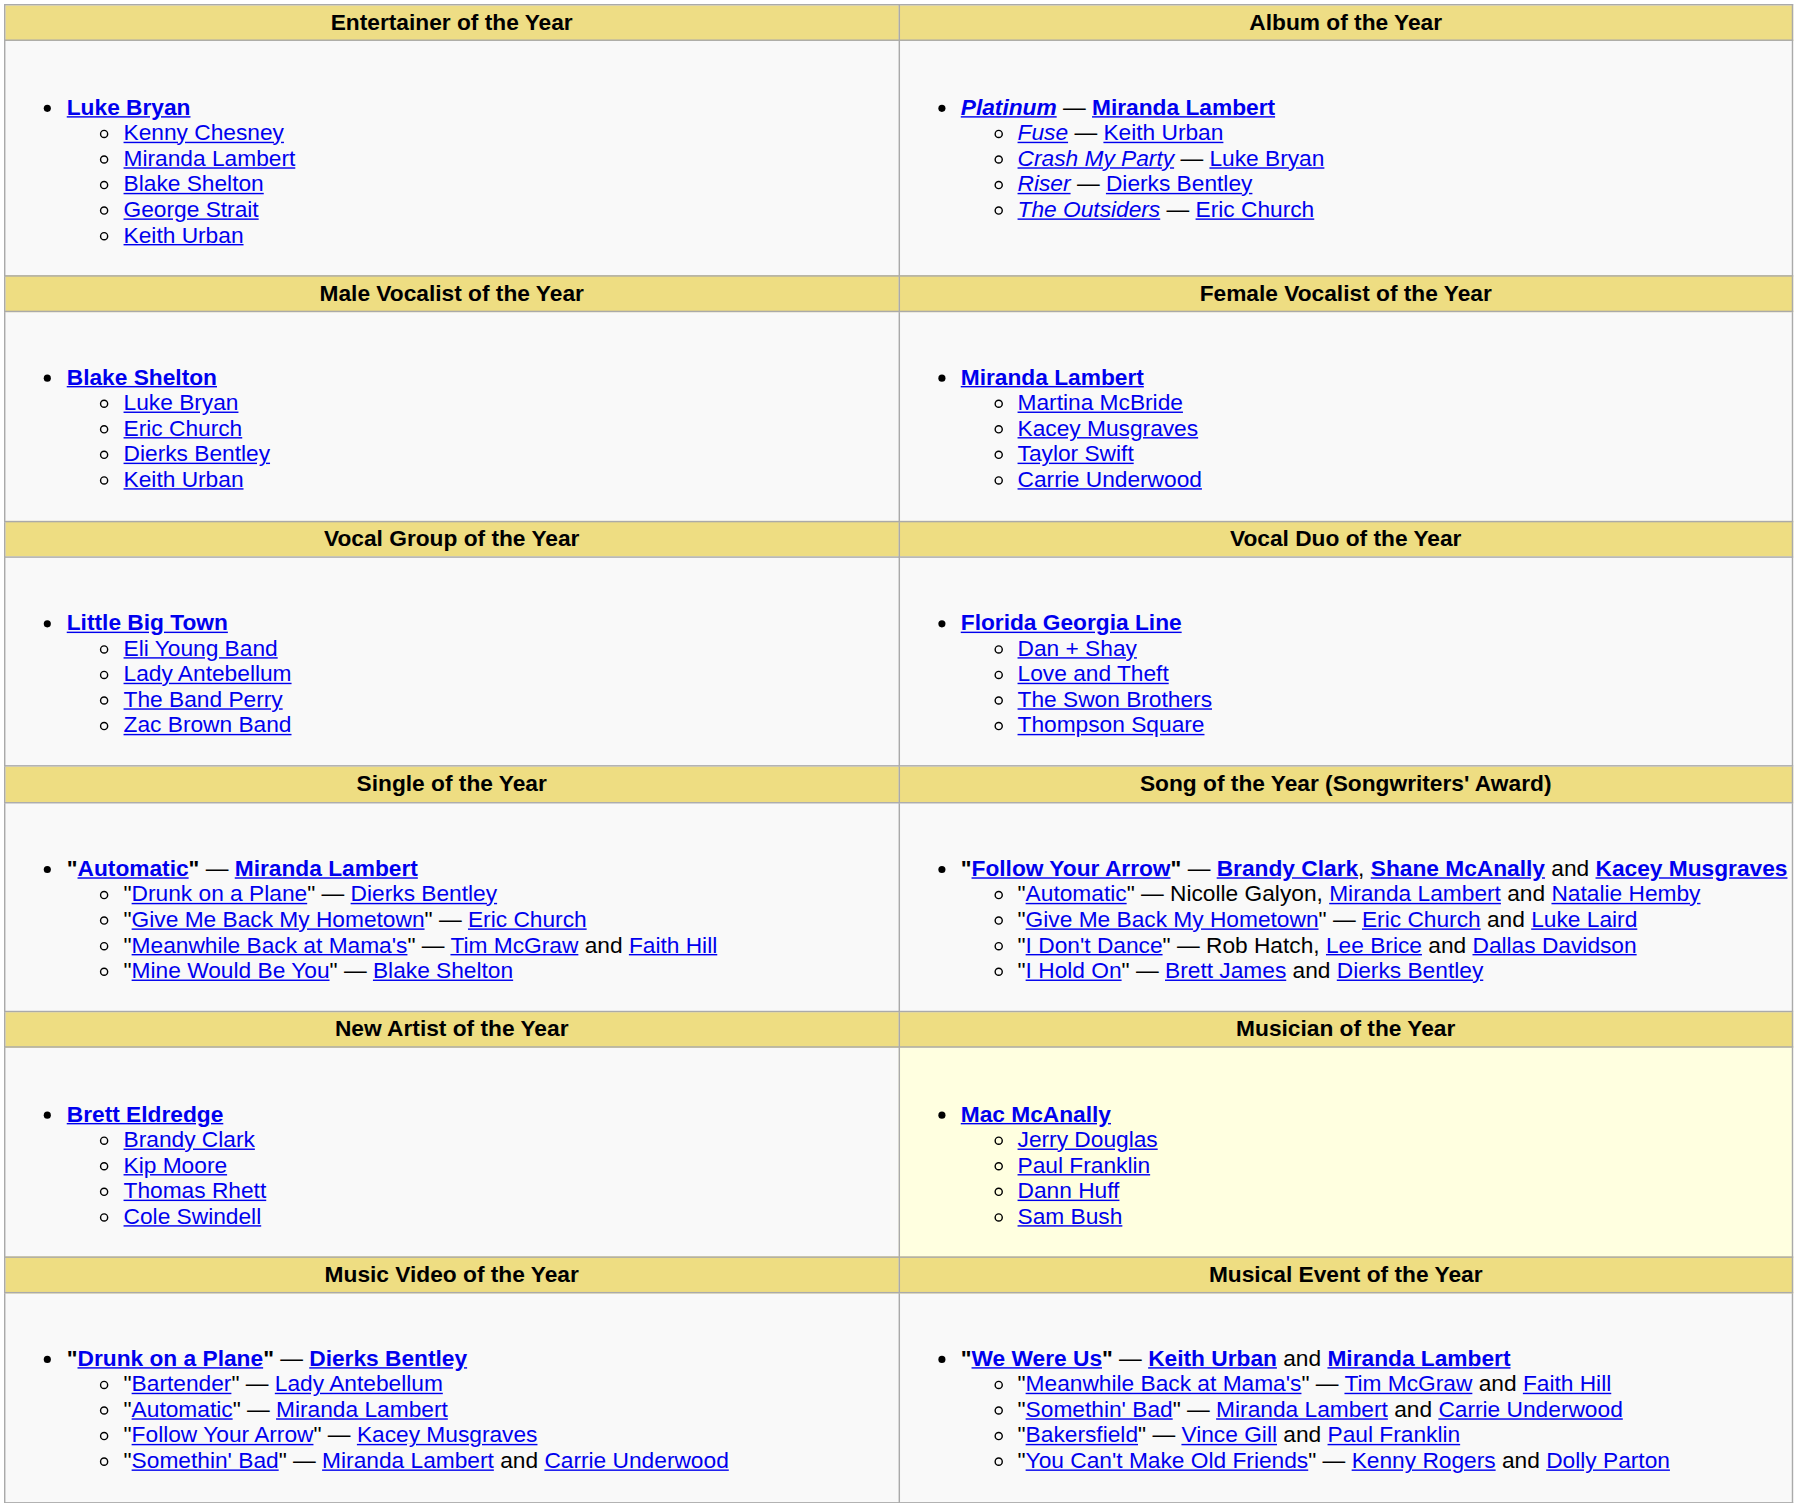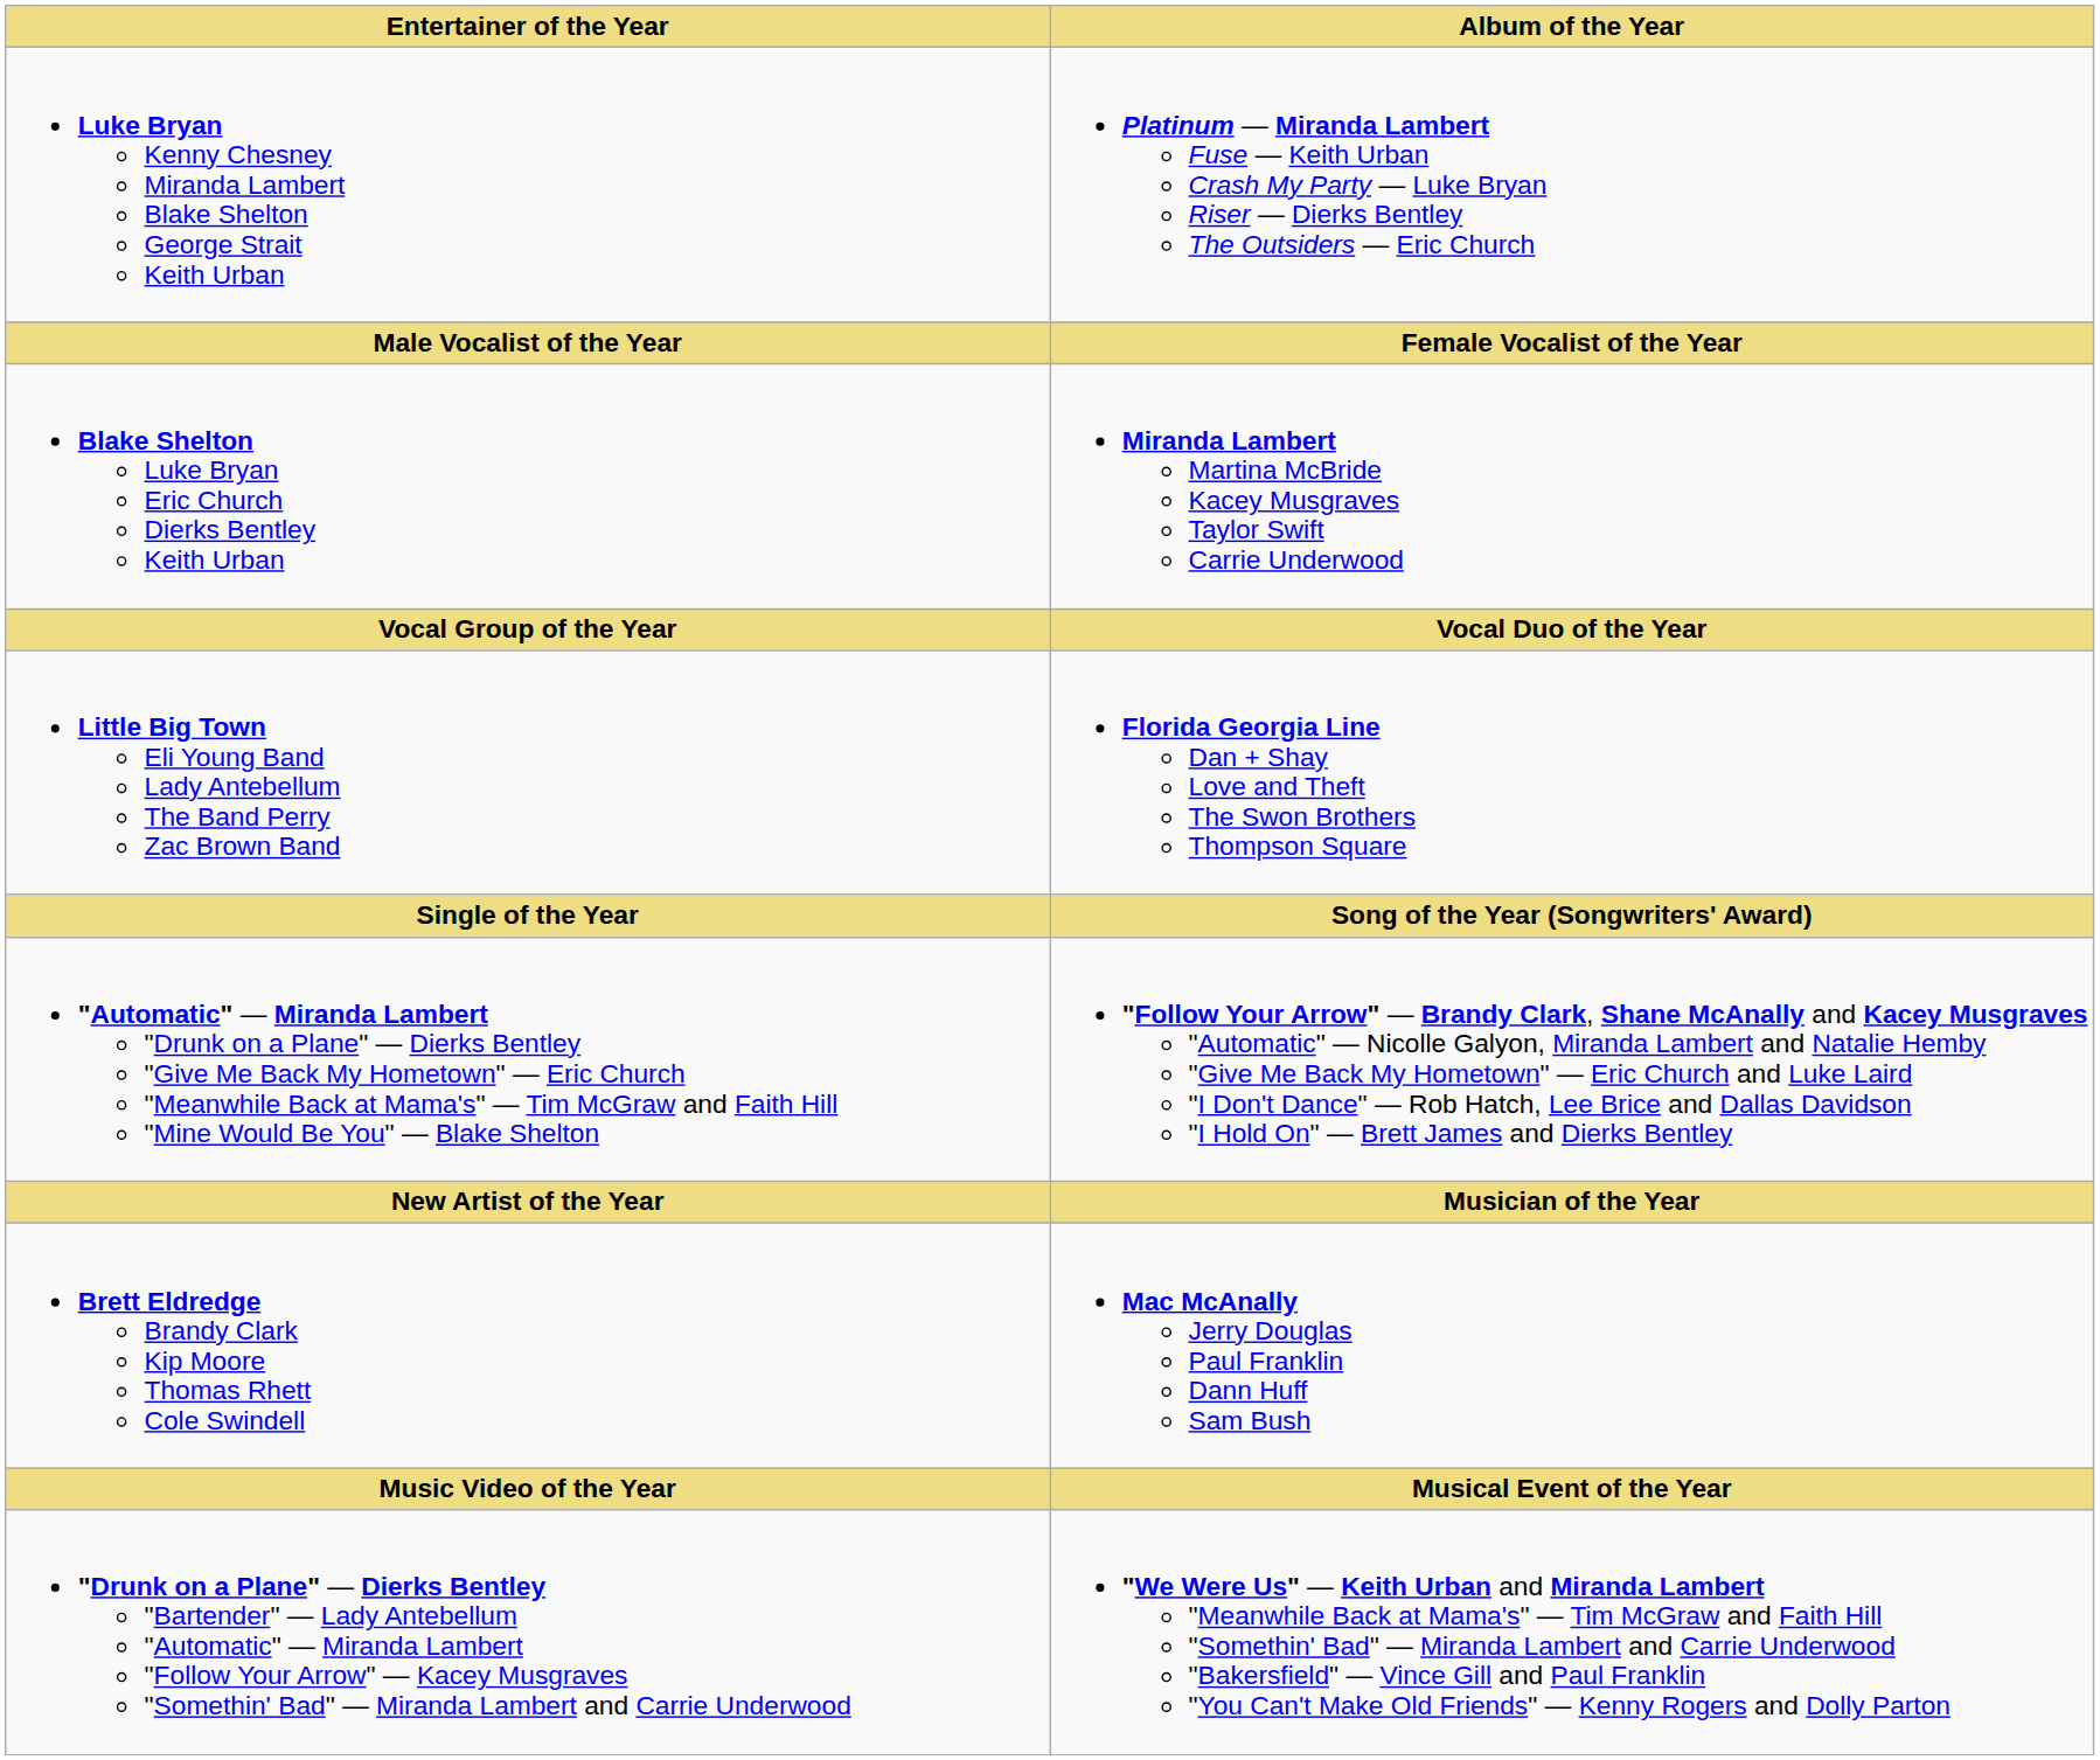 <table class=wikitable>
 <tr>
 <th width="50%" style="background:#EEDD85;">Entertainer of the Year</th>
 <th width="50%" style="background:#EEDD85;">Album of the Year</th>
 </tr>
 <tr>
 <td valign="top"><br><ul><li><strong><a href='#'>Luke Bryan</a></strong><ul><li><a href='#'>Kenny Chesney</a></li><li><a href='#'>Miranda Lambert</a></li><li><a href='#'>Blake Shelton</a></li><li><a href='#'>George Strait</a></li><li><a href='#'>Keith Urban</a></li></ul></li></ul></td>
 <td valign="top"><br><ul><li><strong><em><a href='#'>Platinum</a></em></strong> — <strong><a href='#'>Miranda Lambert</a></strong><ul><li><em><a href='#'>Fuse</a></em> — <a href='#'>Keith Urban</a></li><li><em><a href='#'>Crash My Party</a></em> — <a href='#'>Luke Bryan</a></li><li><em><a href='#'>Riser</a></em> — <a href='#'>Dierks Bentley</a></li><li><em><a href='#'>The Outsiders</a></em> — <a href='#'>Eric Church</a></li></ul></li></ul></td>
 </tr>
 <tr>
 <th style="background:#EEDD82; width=50%">Male Vocalist of the Year</th>
 <th style="background:#EEDD82; width=50%">Female Vocalist of the Year</th>
 </tr>
 <tr>
 <td valign="top"><br><ul><li><strong><a href='#'>Blake Shelton</a></strong><ul><li><a href='#'>Luke Bryan</a></li><li><a href='#'>Eric Church</a></li><li><a href='#'>Dierks Bentley</a></li><li><a href='#'>Keith Urban</a></li></ul></li></ul></td>
 <td valign="top"><br><ul><li><strong><a href='#'>Miranda Lambert</a></strong><ul><li><a href='#'>Martina McBride</a></li><li><a href='#'>Kacey Musgraves</a></li><li><a href='#'>Taylor Swift</a></li><li><a href='#'>Carrie Underwood</a></li></ul></li></ul></td>
 </tr>
 <tr>
 <th style="background:#EEDD82; width=50%">Vocal Group of the Year</th>
 <th style="background:#EEDD82; width=50%">Vocal Duo of the Year</th>
 </tr>
 <tr>
 <td valign="top"><br><ul><li><strong><a href='#'>Little Big Town</a></strong><ul><li><a href='#'>Eli Young Band</a></li><li><a href='#'>Lady Antebellum</a></li><li><a href='#'>The Band Perry</a></li><li><a href='#'>Zac Brown Band</a></li></ul></li></ul></td>
 <td valign="top"><br><ul><li><strong><a href='#'>Florida Georgia Line</a></strong><ul><li><a href='#'>Dan + Shay</a></li><li><a href='#'>Love and Theft</a></li><li><a href='#'>The Swon Brothers</a></li><li><a href='#'>Thompson Square</a></li></ul></li></ul></td>
 </tr>
 <tr>
 <th style="background:#EEDD82; width=50%">Single of the Year</th>
 <th style="background:#EEDD82; width=50%">Song of the Year (Songwriters' Award)</th>
 </tr>
 <tr>
 <td valign="top"><br><ul><li><strong>"<a href='#'>Automatic</a>"</strong> — <strong><a href='#'>Miranda Lambert</a></strong><ul><li>"<a href='#'>Drunk on a Plane</a>" — <a href='#'>Dierks Bentley</a></li><li>"<a href='#'>Give Me Back My Hometown</a>" — <a href='#'>Eric Church</a></li><li>"<a href='#'>Meanwhile Back at Mama's</a>" — <a href='#'>Tim McGraw</a> and <a href='#'>Faith Hill</a></li><li>"<a href='#'>Mine Would Be You</a>" — <a href='#'>Blake Shelton</a></li></ul></li></ul></td>
 <td valign="top"><br><ul><li><strong>"<a href='#'>Follow Your Arrow</a>"</strong> — <strong><a href='#'>Brandy Clark</a></strong>, <strong><a href='#'>Shane McAnally</a></strong> and <strong><a href='#'>Kacey Musgraves</a></strong><ul><li>"<a href='#'>Automatic</a>" — Nicolle Galyon, <a href='#'>Miranda Lambert</a> and <a href='#'>Natalie Hemby</a></li><li>"<a href='#'>Give Me Back My Hometown</a>" — <a href='#'>Eric Church</a> and <a href='#'>Luke Laird</a></li><li>"<a href='#'>I Don't Dance</a>" — Rob Hatch, <a href='#'>Lee Brice</a> and <a href='#'>Dallas Davidson</a></li><li>"<a href='#'>I Hold On</a>" — <a href='#'>Brett James</a> and <a href='#'>Dierks Bentley</a></li></ul></li></ul></td>
 </tr>
 <tr>
 <th style="background:#EEDD82; width=50%">New Artist of the Year</th>
 <th style="background:#EEDD82; width=50%">Musician of the Year</th>
 </tr>
 <tr>
 <td valign="top"><br><ul><li><strong><a href='#'>Brett Eldredge</a></strong><ul><li><a href='#'>Brandy Clark</a></li><li><a href='#'>Kip Moore</a></li><li><a href='#'>Thomas Rhett</a></li><li><a href='#'>Cole Swindell</a></li></ul></li></ul></td>
-<td valign="top" style="background: lightyellow;"><br><ul><li><strong><a href='#'>Mac McAnally</a></strong><ul><li><a href='#'>Jerry Douglas</a></li><li><a href='#'>Paul Franklin</a></li><li><a href='#'>Dann Huff</a></li><li><a href='#'>Sam Bush</a></li></ul></li></ul></td>
+<td valign="top"><br><ul><li><strong><a href='#'>Mac McAnally</a></strong><ul><li><a href='#'>Jerry Douglas</a></li><li><a href='#'>Paul Franklin</a></li><li><a href='#'>Dann Huff</a></li><li><a href='#'>Sam Bush</a></li></ul></li></ul></td>
 </tr>
 <tr>
 <th style="background:#EEDD82; width=50%">Music Video of the Year</th>
 <th style="background:#EEDD82; width=50%">Musical Event of the Year</th>
 </tr>
 <tr>
 <td valign="top"><br><ul><li><strong>"<a href='#'>Drunk on a Plane</a>"</strong> — <strong><a href='#'>Dierks Bentley</a></strong><ul><li>"<a href='#'>Bartender</a>" — <a href='#'>Lady Antebellum</a></li><li>"<a href='#'>Automatic</a>" — <a href='#'>Miranda Lambert</a></li><li>"<a href='#'>Follow Your Arrow</a>" — <a href='#'>Kacey Musgraves</a></li><li>"<a href='#'>Somethin' Bad</a>" — <a href='#'>Miranda Lambert</a> and <a href='#'>Carrie Underwood</a></li></ul></li></ul></td>
 <td valign="top"><br><ul><li><strong>"<a href='#'>We Were Us</a>"</strong> — <strong><a href='#'>Keith Urban</a></strong> and <strong><a href='#'>Miranda Lambert</a></strong><ul><li>"<a href='#'>Meanwhile Back at Mama's</a>" — <a href='#'>Tim McGraw</a> and <a href='#'>Faith Hill</a></li><li>"<a href='#'>Somethin' Bad</a>" — <a href='#'>Miranda Lambert</a> and <a href='#'>Carrie Underwood</a></li><li>"<a href='#'>Bakersfield</a>" — <a href='#'>Vince Gill</a> and <a href='#'>Paul Franklin</a></li><li>"<a href='#'>You Can't Make Old Friends</a>" — <a href='#'>Kenny Rogers</a> and <a href='#'>Dolly Parton</a></li></ul></li></ul></td>
 </tr>
 </table>
